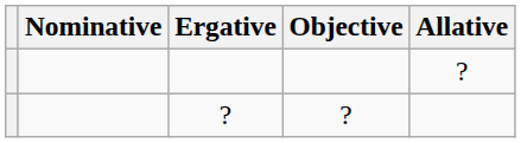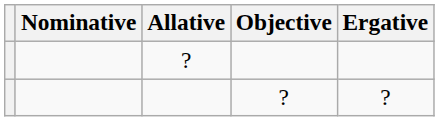 <table class="wikitable">
 <tr>
 <th></th>
 <th>Nominative</th>
+<th>Allative</th>
+<th>Objective</th>
 <th>Ergative</th>
-<th>Objective</th>
-<th>Allative</th>
+</tr>
+<tr align="center">
+<th></th>
+<td></td>
+<td>?</td>
+<td></td>
+<td></td>
 </tr>
 <tr align="center">
 <th></th>
 <td></td>
 <td></td>
-<td></td>
+<td>?</td>
 <td>?</td>
 </tr>
-<tr align="center">
-<th></th>
-<td></td>
-<td>?</td>
-<td>?</td>
-<td></td>
-</tr>
 </table>
